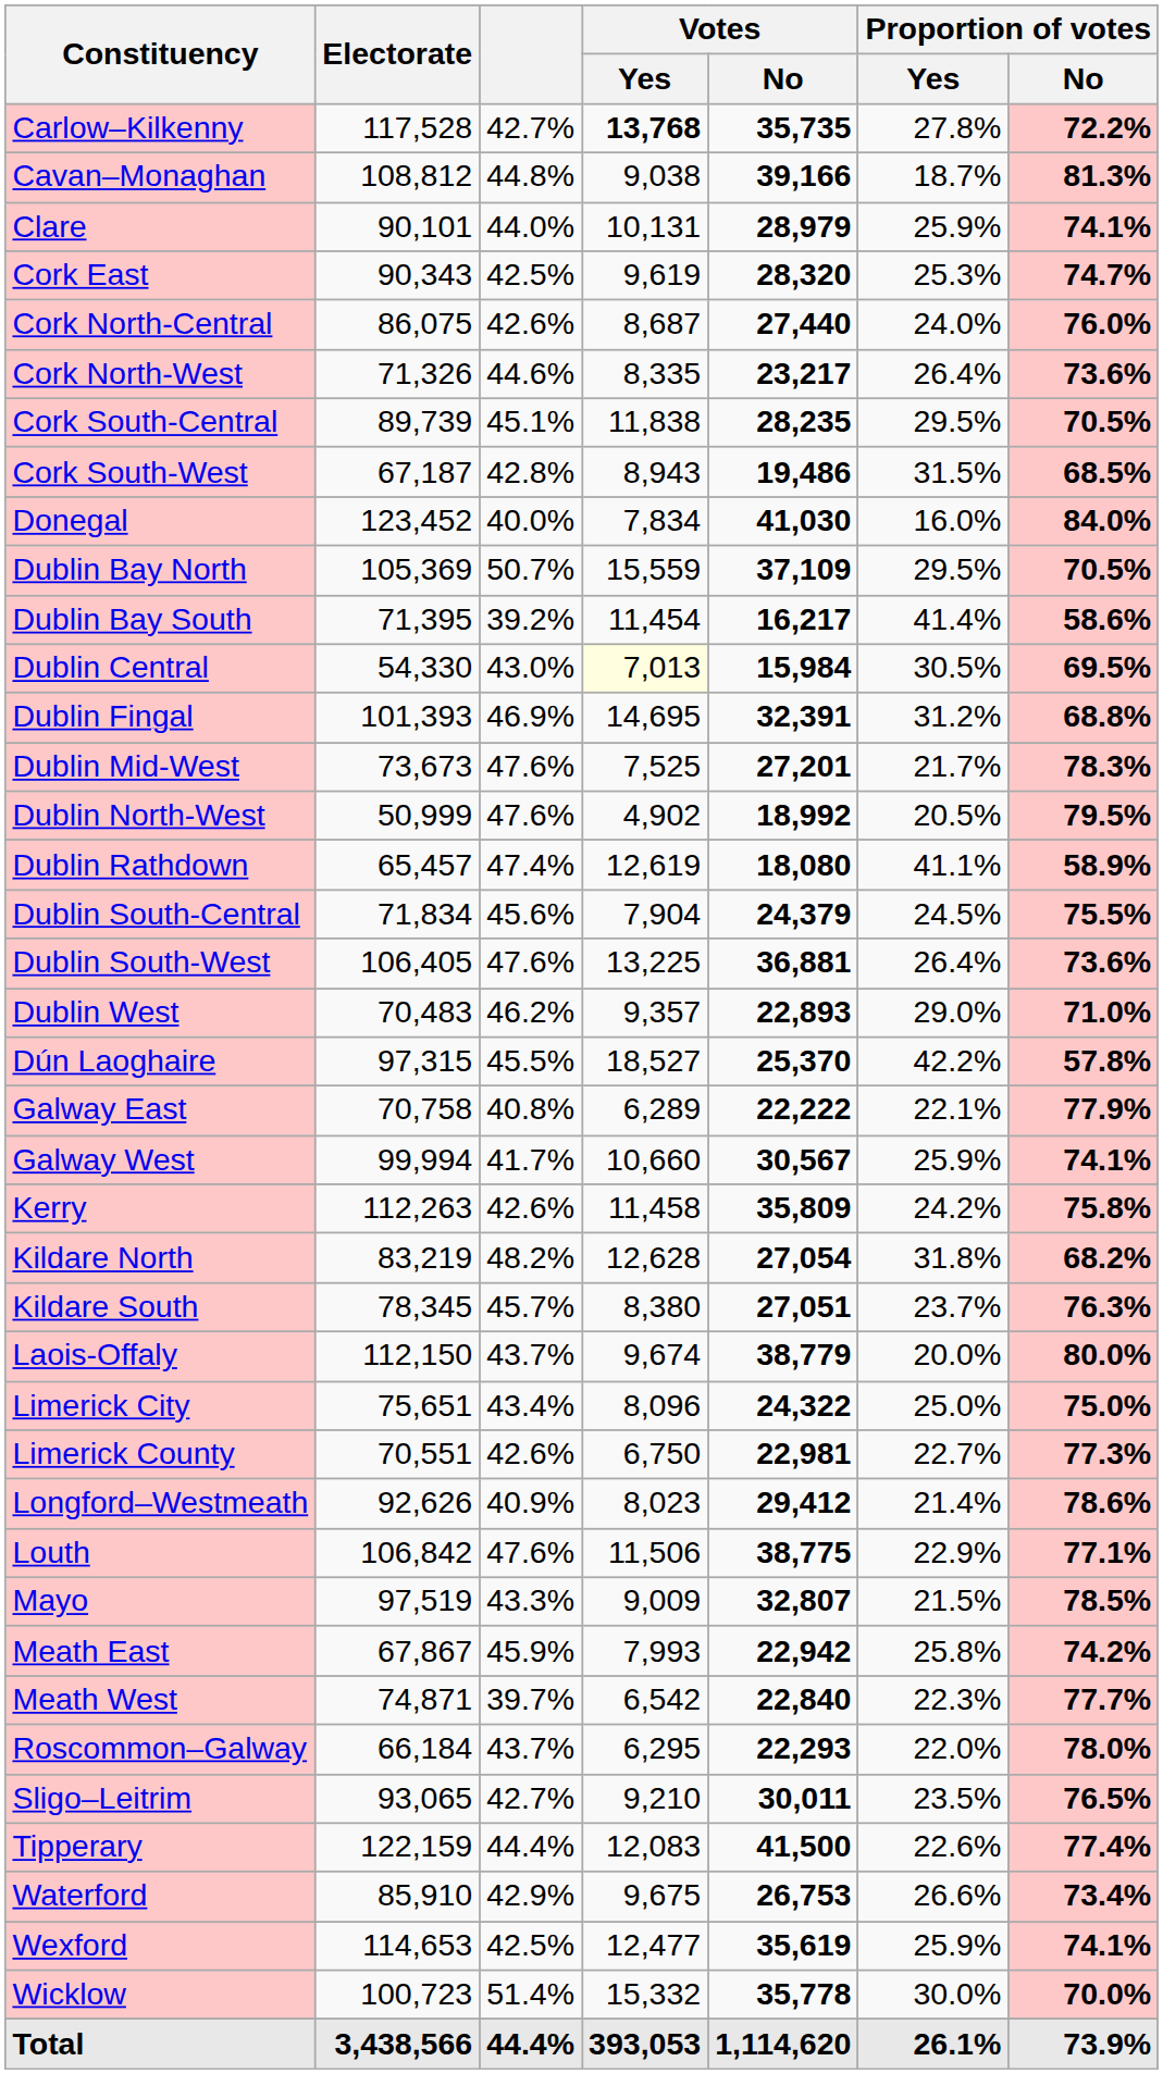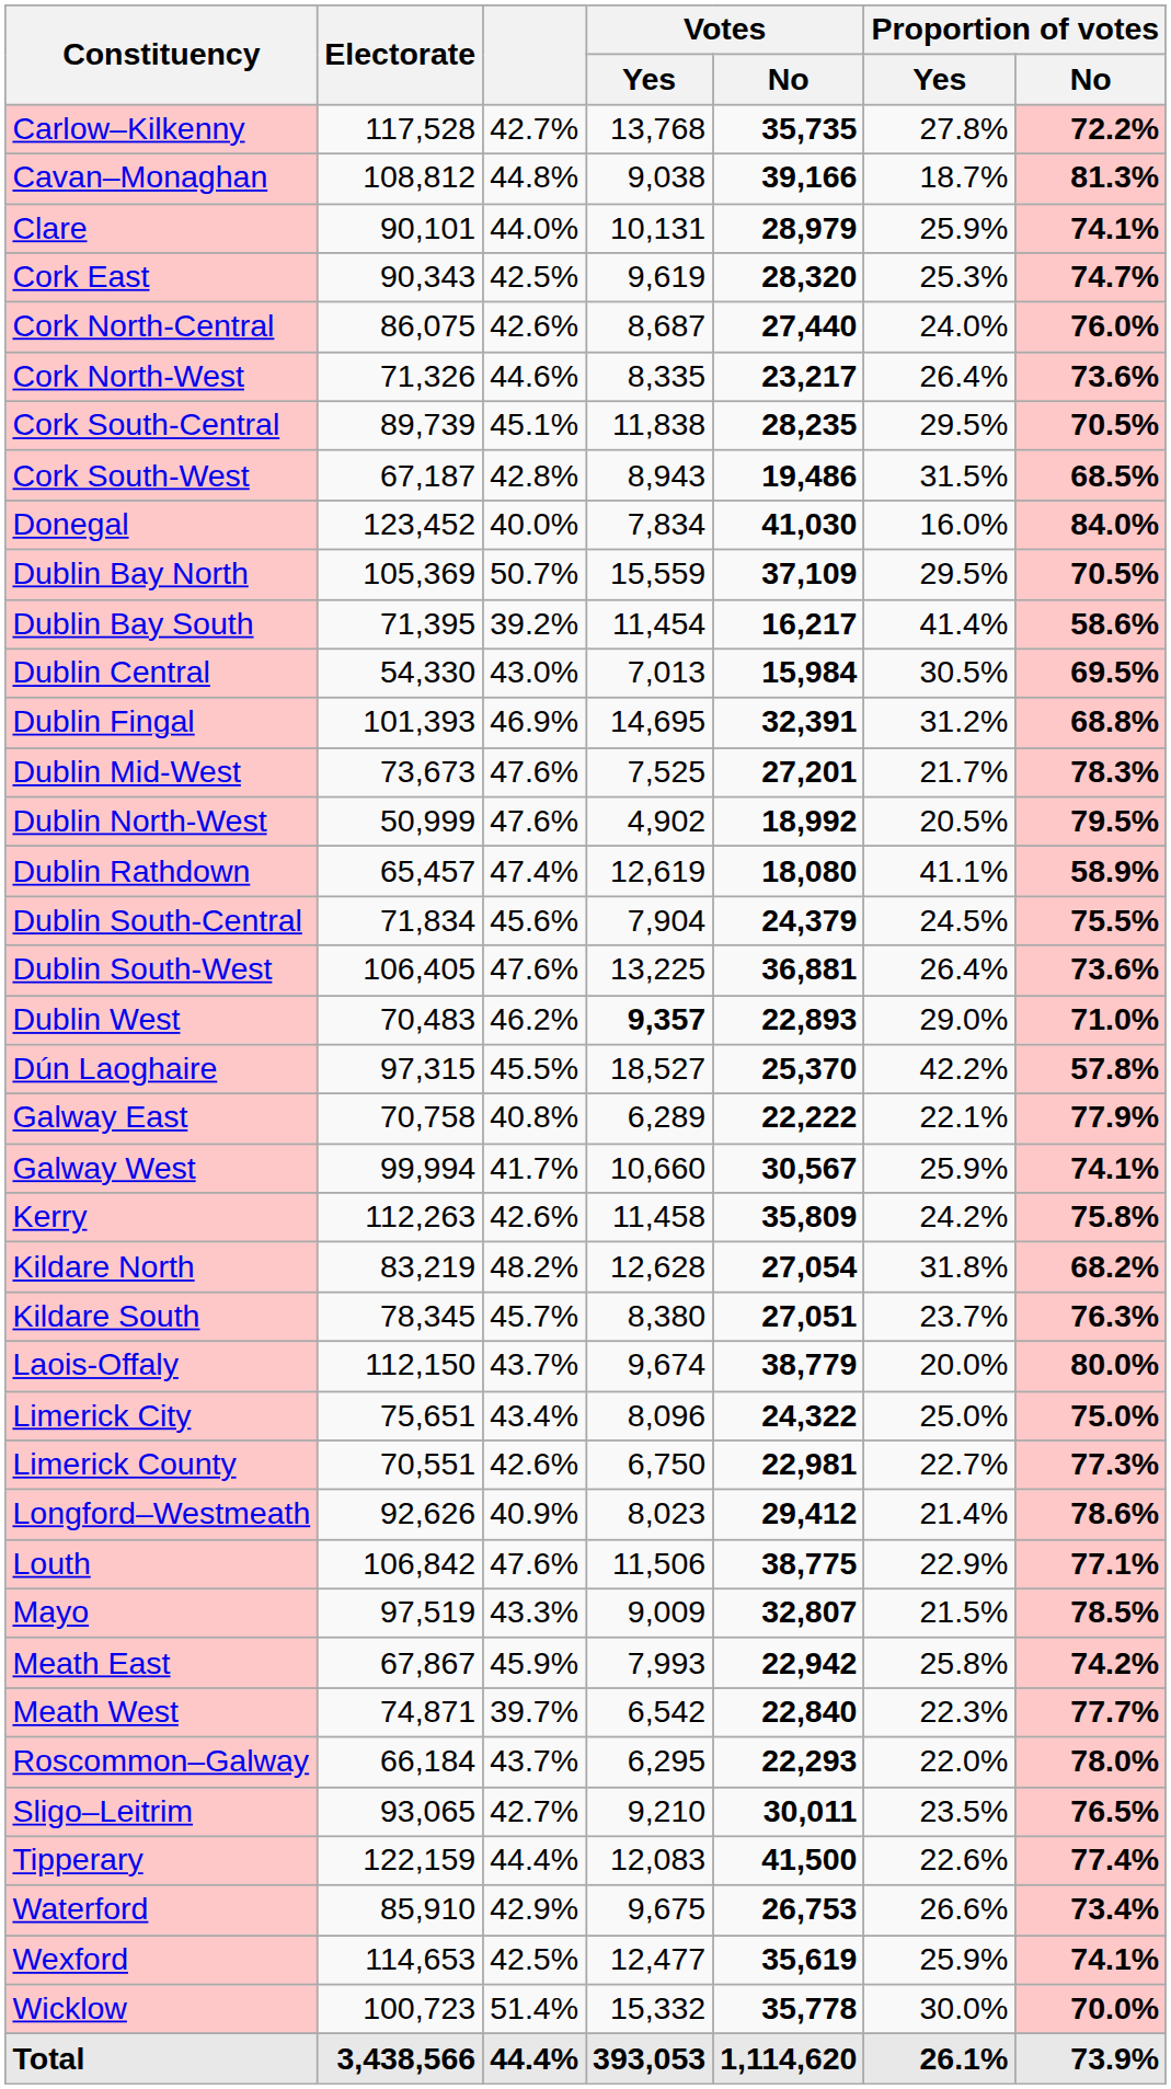 <table class="wikitable sortable">
 <tr>
 <th rowspan=2>Constituency</th>
 <th rowspan=2>Electorate</th>
 <th rowspan=2></th>
 <th colspan=2>Votes</th>
 <th colspan=2>Proportion of votes</th>
 </tr>
 <tr>
 <th>Yes</th>
 <th>No</th>
 <th>Yes</th>
 <th>No</th>
 </tr>
 <tr>
 <td style="background:#ffc8c8;"><a href='#'>Carlow–Kilkenny</a></td>
 <td style="text-align: right;">117,528</td>
 <td style="text-align: right;">42.7%</td>
-<td style="text-align: right;"><strong>13,768</strong></td>
+<td style="text-align: right;">13,768</td>
 <td style="text-align: right;"><strong>35,735</strong></td>
 <td style="text-align: right;">27.8%</td>
 <td style="text-align: right; background:#ffc8c8;"><strong>72.2%</strong></td>
 </tr>
 <tr>
 <td style="background:#ffc8c8;"><a href='#'>Cavan–Monaghan</a></td>
 <td style="text-align: right;">108,812</td>
 <td style="text-align: right;">44.8%</td>
 <td style="text-align: right;">9,038</td>
 <td style="text-align: right;"><strong>39,166</strong></td>
 <td style="text-align: right;">18.7%</td>
 <td style="text-align: right;background:#ffc8c8;"><strong>81.3%</strong></td>
 </tr>
 <tr>
 <td style="background:#ffc8c8;"><a href='#'>Clare</a></td>
 <td style="text-align: right;">90,101</td>
 <td style="text-align: right;">44.0%</td>
 <td style="text-align: right;">10,131</td>
 <td style="text-align: right;"><strong>28,979</strong></td>
 <td style="text-align: right;">25.9%</td>
 <td style="text-align: right;background:#ffc8c8;"><strong>74.1%</strong></td>
 </tr>
 <tr>
 <td style="background:#ffc8c8;"><a href='#'>Cork East</a></td>
 <td style="text-align: right;">90,343</td>
 <td style="text-align: right;">42.5%</td>
 <td style="text-align: right;">9,619</td>
 <td style="text-align: right;"><strong>28,320</strong></td>
 <td style="text-align: right;">25.3%</td>
 <td style="text-align: right;background:#ffc8c8;"><strong>74.7%</strong></td>
 </tr>
 <tr>
 <td style="background:#ffc8c8;"><a href='#'>Cork North-Central</a></td>
 <td style="text-align: right;">86,075</td>
 <td style="text-align: right;">42.6%</td>
 <td style="text-align: right;">8,687</td>
 <td style="text-align: right;"><strong>27,440</strong></td>
 <td style="text-align: right;">24.0%</td>
 <td style="text-align: right;background:#ffc8c8;"><strong>76.0%</strong></td>
 </tr>
 <tr>
 <td style="background:#ffc8c8;"><a href='#'>Cork North-West</a></td>
 <td style="text-align: right;">71,326</td>
 <td style="text-align: right;">44.6%</td>
 <td style="text-align: right;">8,335</td>
 <td style="text-align: right;"><strong>23,217</strong></td>
 <td style="text-align: right;">26.4%</td>
 <td style="text-align: right;background:#ffc8c8;"><strong>73.6%</strong></td>
 </tr>
 <tr>
 <td style="background:#ffc8c8;"><a href='#'>Cork South-Central</a></td>
 <td style="text-align: right;">89,739</td>
 <td style="text-align: right;">45.1%</td>
 <td style="text-align: right;">11,838</td>
 <td style="text-align: right;"><strong>28,235</strong></td>
 <td style="text-align: right;">29.5%</td>
 <td style="text-align: right;background:#ffc8c8;"><strong>70.5%</strong></td>
 </tr>
 <tr>
 <td style="background:#ffc8c8;"><a href='#'>Cork South-West</a></td>
 <td style="text-align: right;">67,187</td>
 <td style="text-align: right;">42.8%</td>
 <td style="text-align: right;">8,943</td>
 <td style="text-align: right;"><strong>19,486</strong></td>
 <td style="text-align: right;">31.5%</td>
 <td style="text-align: right;background:#ffc8c8;"><strong>68.5%</strong></td>
 </tr>
 <tr>
 <td style="background:#ffc8c8;"><a href='#'>Donegal</a></td>
 <td style="text-align: right;">123,452</td>
 <td style="text-align: right;">40.0%</td>
 <td style="text-align: right;">7,834</td>
 <td style="text-align: right;"><strong>41,030</strong></td>
 <td style="text-align: right;">16.0%</td>
 <td style="text-align: right;background:#ffc8c8;"><strong>84.0%</strong></td>
 </tr>
 <tr>
 <td style="background:#ffc8c8;"><a href='#'>Dublin Bay North</a></td>
 <td style="text-align: right;">105,369</td>
 <td style="text-align: right;">50.7%</td>
 <td style="text-align: right;">15,559</td>
 <td style="text-align: right;"><strong>37,109</strong></td>
 <td style="text-align: right;">29.5%</td>
 <td style="text-align: right; background:#ffc8c8;"><strong>70.5%</strong></td>
 </tr>
 <tr>
 <td style="background:#ffc8c8;"><a href='#'>Dublin Bay South</a></td>
 <td style="text-align: right;">71,395</td>
 <td style="text-align: right;">39.2%</td>
 <td style="text-align: right;">11,454</td>
 <td style="text-align: right;"><strong>16,217</strong></td>
 <td style="text-align: right;">41.4%</td>
 <td style="text-align: right; background:#ffc8c8;"><strong>58.6%</strong></td>
 </tr>
 <tr>
 <td style="background:#ffc8c8;"><a href='#'>Dublin Central</a></td>
 <td style="text-align: right;">54,330</td>
 <td style="text-align: right;">43.0%</td>
-<td style="background: lightyellow; text-align: right;">7,013</td>
+<td style="text-align: right;">7,013</td>
 <td style="text-align: right;"><strong>15,984</strong></td>
 <td style="text-align: right;">30.5%</td>
 <td style="text-align: right; background:#ffc8c8;"><strong>69.5%</strong></td>
 </tr>
 <tr>
 <td style="background:#ffc8c8;"><a href='#'>Dublin Fingal</a></td>
 <td style="text-align: right;">101,393</td>
 <td style="text-align: right;">46.9%</td>
 <td style="text-align: right;">14,695</td>
 <td style="text-align: right;"><strong>32,391</strong></td>
 <td style="text-align: right;">31.2%</td>
 <td style="text-align: right; background:#ffc8c8;"><strong>68.8%</strong></td>
 </tr>
 <tr>
 <td style="background:#ffc8c8;"><a href='#'>Dublin Mid-West</a></td>
 <td style="text-align: right;">73,673</td>
 <td style="text-align: right;">47.6%</td>
 <td style="text-align: right;">7,525</td>
 <td style="text-align: right;"><strong>27,201</strong></td>
 <td style="text-align: right;">21.7%</td>
 <td style="text-align: right; background:#ffc8c8;"><strong>78.3%</strong></td>
 </tr>
 <tr>
 <td style="background:#ffc8c8;"><a href='#'>Dublin North-West</a></td>
 <td style="text-align: right;">50,999</td>
 <td style="text-align: right;">47.6%</td>
 <td style="text-align: right;">4,902</td>
 <td style="text-align: right;"><strong>18,992</strong></td>
 <td style="text-align: right;">20.5%</td>
 <td style="text-align: right; background:#ffc8c8;"><strong>79.5%</strong></td>
 </tr>
 <tr>
 <td style="background:#ffc8c8;"><a href='#'>Dublin Rathdown</a></td>
 <td style="text-align: right;">65,457</td>
 <td style="text-align: right;">47.4%</td>
 <td style="text-align: right;">12,619</td>
 <td style="text-align: right;"><strong>18,080</strong></td>
 <td style="text-align: right;">41.1%</td>
 <td style="text-align: right; background:#ffc8c8;"><strong>58.9%</strong></td>
 </tr>
 <tr>
 <td style="background:#ffc8c8;"><a href='#'>Dublin South-Central</a></td>
 <td style="text-align: right;">71,834</td>
 <td style="text-align: right;">45.6%</td>
 <td style="text-align: right;">7,904</td>
 <td style="text-align: right;"><strong>24,379</strong></td>
 <td style="text-align: right;">24.5%</td>
 <td style="text-align: right; background:#ffc8c8;"><strong>75.5%</strong></td>
 </tr>
 <tr>
 <td style="background:#ffc8c8;"><a href='#'>Dublin South-West</a></td>
 <td style="text-align: right;">106,405</td>
 <td style="text-align: right;">47.6%</td>
 <td style="text-align: right;">13,225</td>
 <td style="text-align: right;"><strong>36,881</strong></td>
 <td style="text-align: right;">26.4%</td>
 <td style="text-align: right; background:#ffc8c8;"><strong>73.6%</strong></td>
 </tr>
 <tr>
 <td style="background:#ffc8c8;"><a href='#'>Dublin West</a></td>
 <td style="text-align: right;">70,483</td>
 <td style="text-align: right;">46.2%</td>
-<td style="text-align: right;">9,357</td>
+<td style="text-align: right;"><strong>9,357</strong></td>
 <td style="text-align: right;"><strong>22,893</strong></td>
 <td style="text-align: right;">29.0%</td>
 <td style="text-align: right; background:#ffc8c8;"><strong>71.0%</strong></td>
 </tr>
 <tr>
 <td style="background:#ffc8c8;"><a href='#'>Dún Laoghaire</a></td>
 <td style="text-align: right;">97,315</td>
 <td style="text-align: right;">45.5%</td>
 <td style="text-align: right;">18,527</td>
 <td style="text-align: right;"><strong>25,370</strong></td>
 <td style="text-align: right;">42.2%</td>
 <td style="text-align: right;background:#ffc8c8;"><strong>57.8%</strong></td>
 </tr>
 <tr>
 <td style="background:#ffc8c8;"><a href='#'>Galway East</a></td>
 <td style="text-align: right;">70,758</td>
 <td style="text-align: right;">40.8%</td>
 <td style="text-align: right;">6,289</td>
 <td style="text-align: right;"><strong>22,222</strong></td>
 <td style="text-align: right;">22.1%</td>
 <td style="text-align: right; background:#ffc8c8;"><strong>77.9%</strong></td>
 </tr>
 <tr>
 <td style="background:#ffc8c8;"><a href='#'>Galway West</a></td>
 <td style="text-align: right;">99,994</td>
 <td style="text-align: right;">41.7%</td>
 <td style="text-align: right;">10,660</td>
 <td style="text-align: right;"><strong>30,567</strong></td>
 <td style="text-align: right;">25.9%</td>
 <td style="text-align: right;background:#ffc8c8;"><strong>74.1%</strong></td>
 </tr>
 <tr>
 <td style="background:#ffc8c8;"><a href='#'>Kerry</a></td>
 <td style="text-align: right;">112,263</td>
 <td style="text-align: right;">42.6%</td>
 <td style="text-align: right;">11,458</td>
 <td style="text-align: right;"><strong>35,809</strong></td>
 <td style="text-align: right;">24.2%</td>
 <td style="text-align: right; background:#ffc8c8;"><strong>75.8%</strong></td>
 </tr>
 <tr>
 <td style="background:#ffc8c8;"><a href='#'>Kildare North</a></td>
 <td style="text-align: right;">83,219</td>
 <td style="text-align: right;">48.2%</td>
 <td style="text-align: right;">12,628</td>
 <td style="text-align: right;"><strong>27,054</strong></td>
 <td style="text-align: right;">31.8%</td>
 <td style="text-align: right; background:#ffc8c8;"><strong>68.2%</strong></td>
 </tr>
 <tr>
 <td style="background:#ffc8c8;"><a href='#'>Kildare South</a></td>
 <td style="text-align: right;">78,345</td>
 <td style="text-align: right;">45.7%</td>
 <td style="text-align: right;">8,380</td>
 <td style="text-align: right;"><strong>27,051</strong></td>
 <td style="text-align: right;">23.7%</td>
 <td style="text-align: right; background:#ffc8c8;"><strong>76.3%</strong></td>
 </tr>
 <tr>
 <td style="background:#ffc8c8;"><a href='#'>Laois-Offaly</a></td>
 <td style="text-align: right;">112,150</td>
 <td style="text-align: right;">43.7%</td>
 <td style="text-align: right;">9,674</td>
 <td style="text-align: right;"><strong>38,779</strong></td>
 <td style="text-align: right;">20.0%</td>
 <td style="text-align: right; background:#ffc8c8;"><strong>80.0%</strong></td>
 </tr>
 <tr>
 <td style="background:#ffc8c8;"><a href='#'>Limerick City</a></td>
 <td style="text-align: right;">75,651</td>
 <td style="text-align: right;">43.4%</td>
 <td style="text-align: right;">8,096</td>
 <td style="text-align: right;"><strong>24,322</strong></td>
 <td style="text-align: right;">25.0%</td>
 <td style="text-align: right; background:#ffc8c8;"><strong>75.0%</strong></td>
 </tr>
 <tr>
 <td style="background:#ffc8c8;"><a href='#'>Limerick County</a></td>
 <td style="text-align: right;">70,551</td>
 <td style="text-align: right;">42.6%</td>
 <td style="text-align: right;">6,750</td>
 <td style="text-align: right;"><strong>22,981</strong></td>
 <td style="text-align: right;">22.7%</td>
 <td style="text-align: right; background:#ffc8c8;"><strong>77.3%</strong></td>
 </tr>
 <tr>
 <td style="background:#ffc8c8;"><a href='#'>Longford–Westmeath</a></td>
 <td style="text-align: right;">92,626</td>
 <td style="text-align: right;">40.9%</td>
 <td style="text-align: right;">8,023</td>
 <td style="text-align: right;"><strong>29,412</strong></td>
 <td style="text-align: right;">21.4%</td>
 <td style="text-align: right; background:#ffc8c8;"><strong>78.6%</strong></td>
 </tr>
 <tr>
 <td style="background:#ffc8c8;"><a href='#'>Louth</a></td>
 <td style="text-align: right;">106,842</td>
 <td style="text-align: right;">47.6%</td>
 <td style="text-align: right;">11,506</td>
 <td style="text-align: right;"><strong>38,775</strong></td>
 <td style="text-align: right;">22.9%</td>
 <td style="text-align: right; background:#ffc8c8;"><strong>77.1%</strong></td>
 </tr>
 <tr>
 <td style="background:#ffc8c8;"><a href='#'>Mayo</a></td>
 <td style="text-align: right;">97,519</td>
 <td style="text-align: right;">43.3%</td>
 <td style="text-align: right;">9,009</td>
 <td style="text-align: right;"><strong>32,807</strong></td>
 <td style="text-align: right;">21.5%</td>
 <td style="text-align: right; background:#ffc8c8;"><strong>78.5%</strong></td>
 </tr>
 <tr>
 <td style="background:#ffc8c8;"><a href='#'>Meath East</a></td>
 <td style="text-align: right;">67,867</td>
 <td style="text-align: right;">45.9%</td>
 <td style="text-align: right;">7,993</td>
 <td style="text-align: right;"><strong>22,942</strong></td>
 <td style="text-align: right;">25.8%</td>
 <td style="text-align: right; background:#ffc8c8;"><strong>74.2%</strong></td>
 </tr>
 <tr>
 <td style="background:#ffc8c8;"><a href='#'>Meath West</a></td>
 <td style="text-align: right;">74,871</td>
 <td style="text-align: right;">39.7%</td>
 <td style="text-align: right;">6,542</td>
 <td style="text-align: right;"><strong>22,840</strong></td>
 <td style="text-align: right;">22.3%</td>
 <td style="text-align: right; background:#ffc8c8;"><strong>77.7%</strong></td>
 </tr>
 <tr>
 <td style="background:#ffc8c8;"><a href='#'>Roscommon–Galway</a></td>
 <td style="text-align: right;">66,184</td>
 <td style="text-align: right;">43.7%</td>
 <td style="text-align: right;">6,295</td>
 <td style="text-align: right;"><strong>22,293</strong></td>
 <td style="text-align: right;">22.0%</td>
 <td style="text-align: right; background:#ffc8c8;"><strong>78.0%</strong></td>
 </tr>
 <tr>
 <td style="background:#ffc8c8;"><a href='#'>Sligo–Leitrim</a></td>
 <td style="text-align: right;">93,065</td>
 <td style="text-align: right;">42.7%</td>
 <td style="text-align: right;">9,210</td>
 <td style="text-align: right;"><strong>30,011</strong></td>
 <td style="text-align: right;">23.5%</td>
 <td style="text-align: right; background:#ffc8c8;"><strong>76.5%</strong></td>
 </tr>
 <tr>
 <td style="background:#ffc8c8;"><a href='#'>Tipperary</a></td>
 <td style="text-align: right;">122,159</td>
 <td style="text-align: right;">44.4%</td>
 <td style="text-align: right;">12,083</td>
 <td style="text-align: right;"><strong>41,500</strong></td>
 <td style="text-align: right;">22.6%</td>
 <td style="text-align: right; background:#ffc8c8;"><strong>77.4%</strong></td>
 </tr>
 <tr>
 <td style="background:#ffc8c8;"><a href='#'>Waterford</a></td>
 <td style="text-align: right;">85,910</td>
 <td style="text-align: right;">42.9%</td>
 <td style="text-align: right;">9,675</td>
 <td style="text-align: right;"><strong>26,753</strong></td>
 <td style="text-align: right;">26.6%</td>
 <td style="text-align: right; background:#ffc8c8;"><strong>73.4%</strong></td>
 </tr>
 <tr>
 <td style="background:#ffc8c8;"><a href='#'>Wexford</a></td>
 <td style="text-align: right;">114,653</td>
 <td style="text-align: right;">42.5%</td>
 <td style="text-align: right;">12,477</td>
 <td style="text-align: right;"><strong>35,619</strong></td>
 <td style="text-align: right;">25.9%</td>
 <td style="text-align: right; background:#ffc8c8;"><strong>74.1%</strong></td>
 </tr>
 <tr>
 <td style="background:#ffc8c8;"><a href='#'>Wicklow</a></td>
 <td style="text-align: right;">100,723</td>
 <td style="text-align: right;">51.4%</td>
 <td style="text-align: right;">15,332</td>
 <td style="text-align: right;"><strong>35,778</strong></td>
 <td style="text-align: right;">30.0%</td>
 <td style="text-align: right; background:#ffc8c8;"><strong>70.0%</strong></td>
 </tr>
 <tr class="sortbottom" style="font-weight:bold; background:rgb(232,232,232);">
 <td>Total</td>
 <td style="text-align: right;">3,438,566</td>
 <td style="text-align: right;">44.4%</td>
 <td style="text-align: right;">393,053</td>
 <td style="text-align: right;">1,114,620</td>
 <td style="text-align: right;">26.1%</td>
 <td style="text-align: right;">73.9%</td>
 </tr>
 </table>
